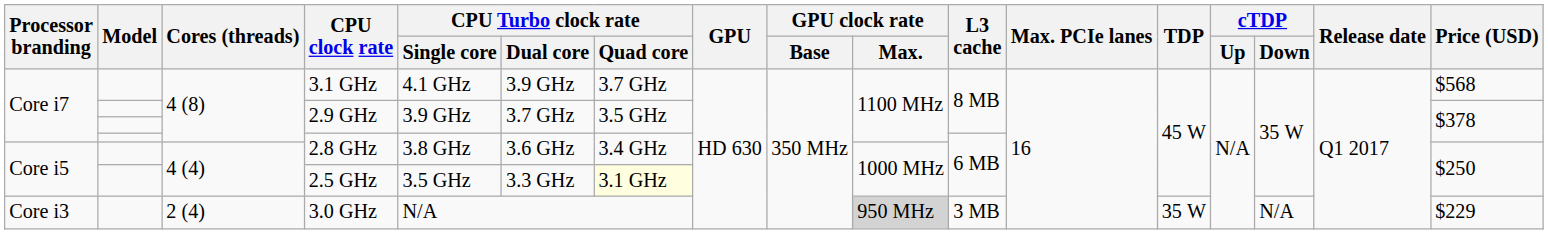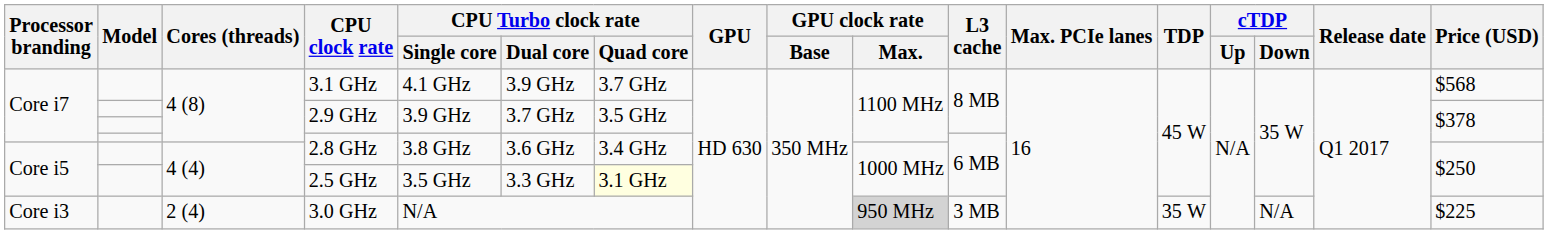 <table class="wikitable sortable">
 <tr>
 <th rowspan="2">Processor<br>branding</th>
 <th rowspan="2">Model</th>
 <th rowspan="2">Cores (threads)</th>
 <th rowspan="2">CPU<br><a href='#'>clock</a> <a href='#'>rate</a></th>
 <th colspan="3">CPU <a href='#'>Turbo</a> clock rate</th>
 <th rowspan="2">GPU</th>
 <th colspan="2">GPU clock rate</th>
 <th rowspan="2">L3<br>cache</th>
 <th rowspan="2">Max. PCIe lanes</th>
 <th rowspan="2">TDP</th>
 <th colspan="2"><a href='#'>cTDP</a></th>
 <th rowspan="2">Release date</th>
 <th rowspan="2">Price (USD)</th>
 </tr>
 <tr>
 <th>Single core</th>
 <th>Dual core</th>
 <th>Quad core</th>
 <th>Base</th>
 <th>Max.</th>
 <th>Up</th>
 <th>Down</th>
 </tr>
 <tr>
 <td rowspan="4">Core i7</td>
 <td></td>
 <td rowspan="4">4 (8)</td>
 <td>3.1 GHz</td>
 <td>4.1 GHz</td>
 <td>3.9 GHz</td>
 <td>3.7 GHz</td>
 <td rowspan="7">HD 630</td>
 <td rowspan="7">350 MHz</td>
 <td rowspan="4">1100 MHz</td>
 <td rowspan="3">8 MB</td>
 <td rowspan="7">16</td>
 <td rowspan="6">45 W</td>
 <td rowspan="7">N/A</td>
 <td rowspan="6">35 W</td>
 <td rowspan="7">Q1 2017</td>
 <td>$568</td>
 </tr>
 <tr>
 <td></td>
 <td rowspan="2">2.9 GHz</td>
 <td rowspan="2">3.9 GHz</td>
 <td rowspan="2">3.7 GHz</td>
 <td rowspan="2">3.5 GHz</td>
 <td rowspan="3">$378</td>
 </tr>
 <tr>
 <td></td>
 </tr>
 <tr>
 <td></td>
 <td rowspan="2">2.8 GHz</td>
 <td rowspan="2">3.8 GHz</td>
 <td rowspan="2">3.6 GHz</td>
 <td rowspan="2">3.4 GHz</td>
 <td rowspan="3">6 MB</td>
 </tr>
 <tr>
 <td rowspan="2">Core i5</td>
 <td></td>
 <td rowspan="2">4 (4)</td>
 <td rowspan="2">1000 MHz</td>
 <td rowspan="2">$250</td>
 </tr>
 <tr>
 <td></td>
 <td>2.5 GHz</td>
 <td>3.5 GHz</td>
 <td>3.3 GHz</td>
 <td style="background: lightyellow;">3.1 GHz</td>
 </tr>
 <tr>
 <td>Core i3</td>
 <td></td>
 <td>2 (4)</td>
 <td>3.0 GHz</td>
 <td colspan="3">N/A</td>
 <td style="background: lightgrey;">950 MHz</td>
 <td>3 MB</td>
 <td>35 W</td>
 <td>N/A</td>
-<td>$229</td>
+<td>$225</td>
 </tr>
 </table>
